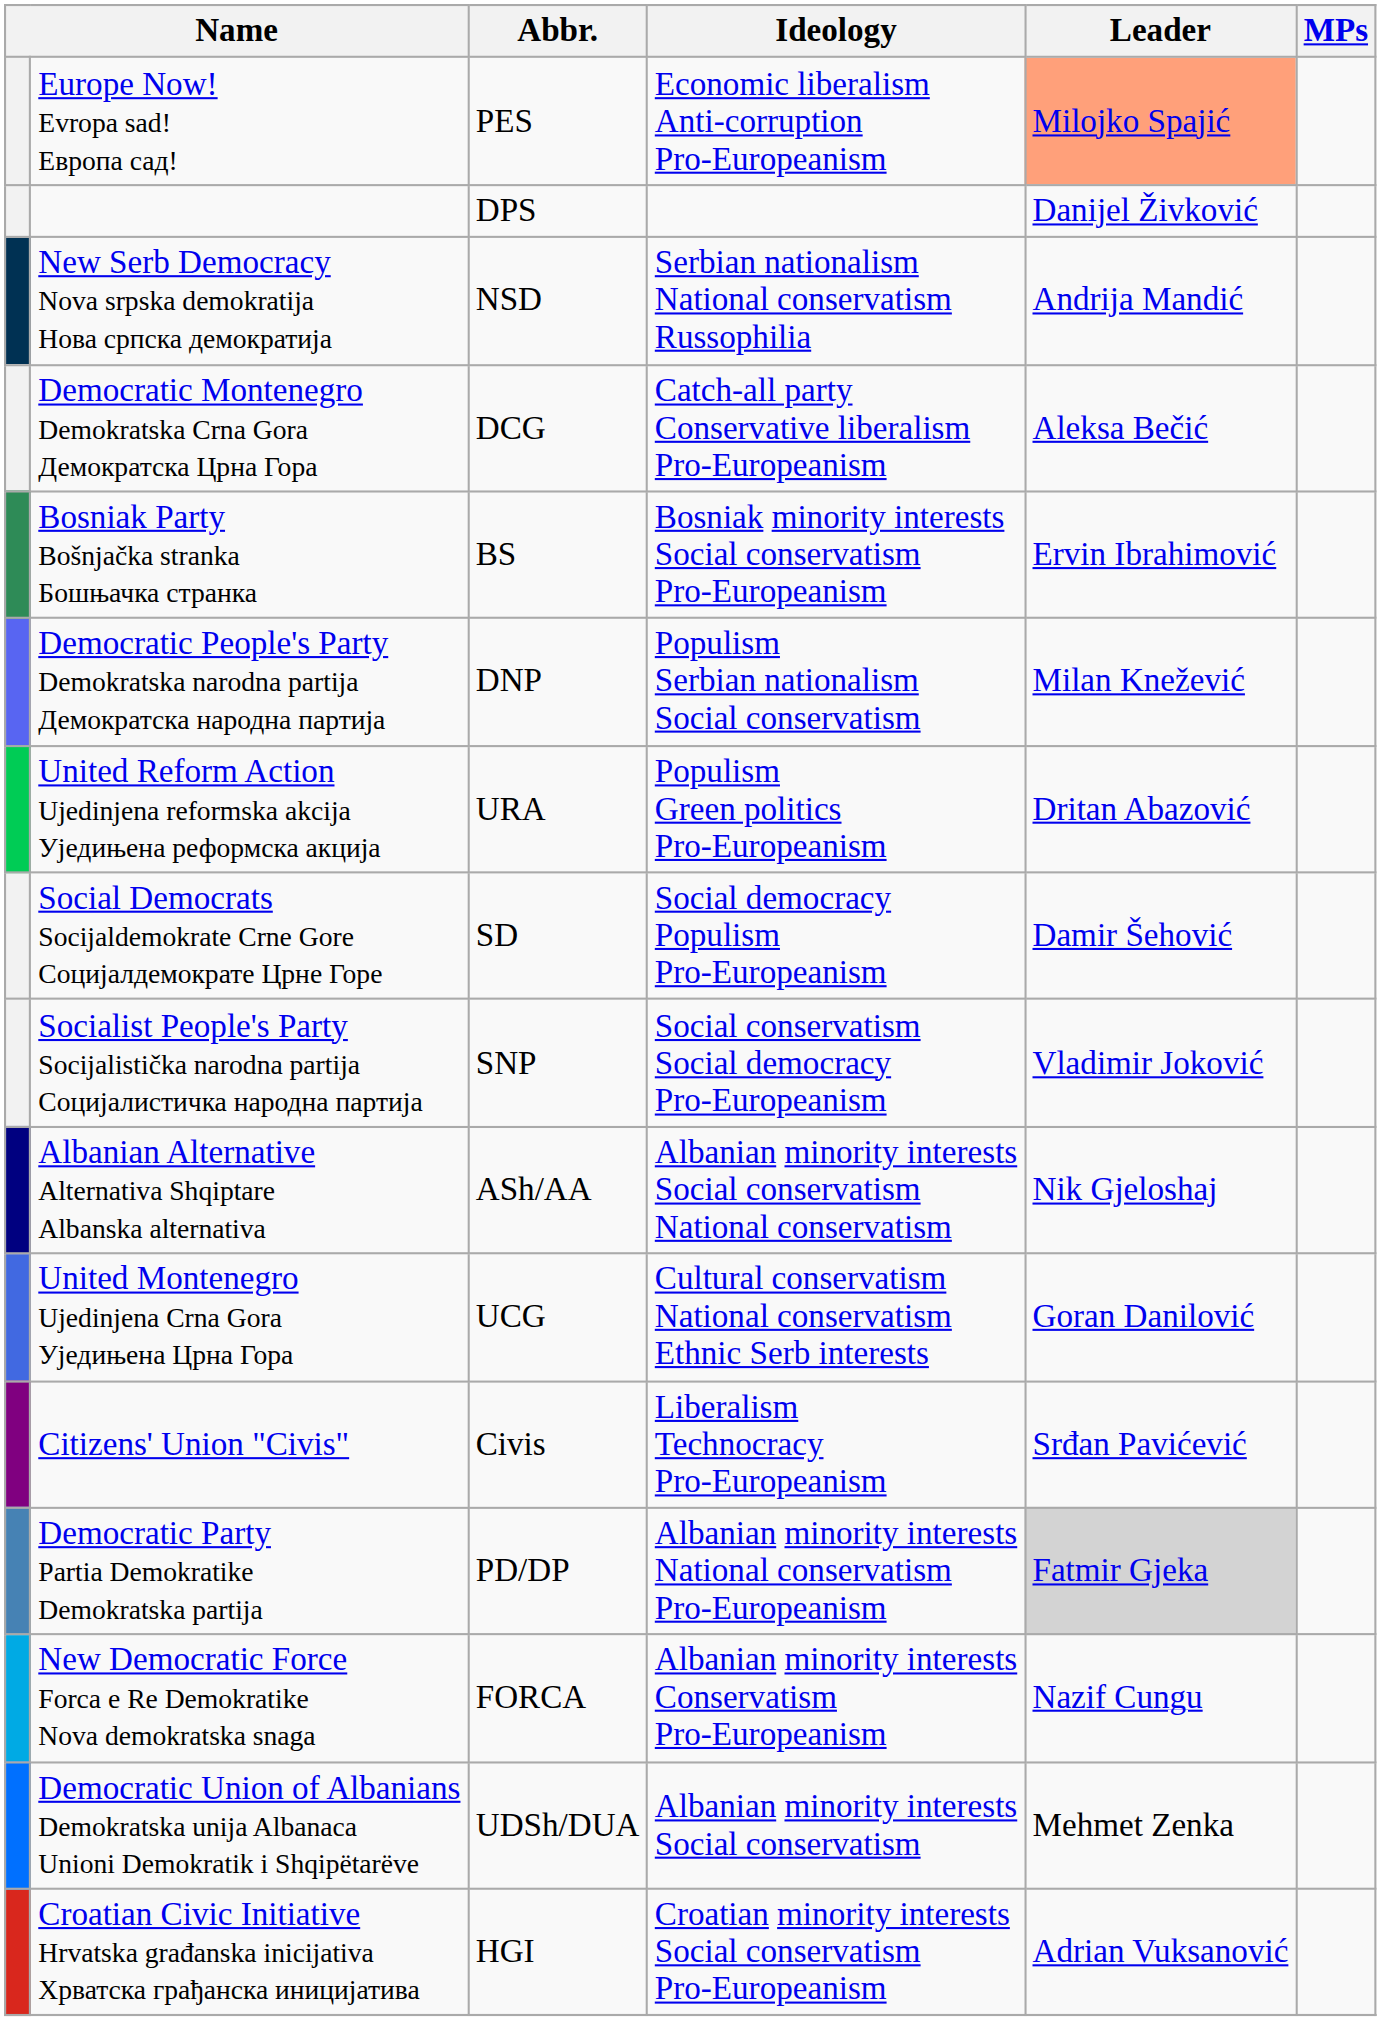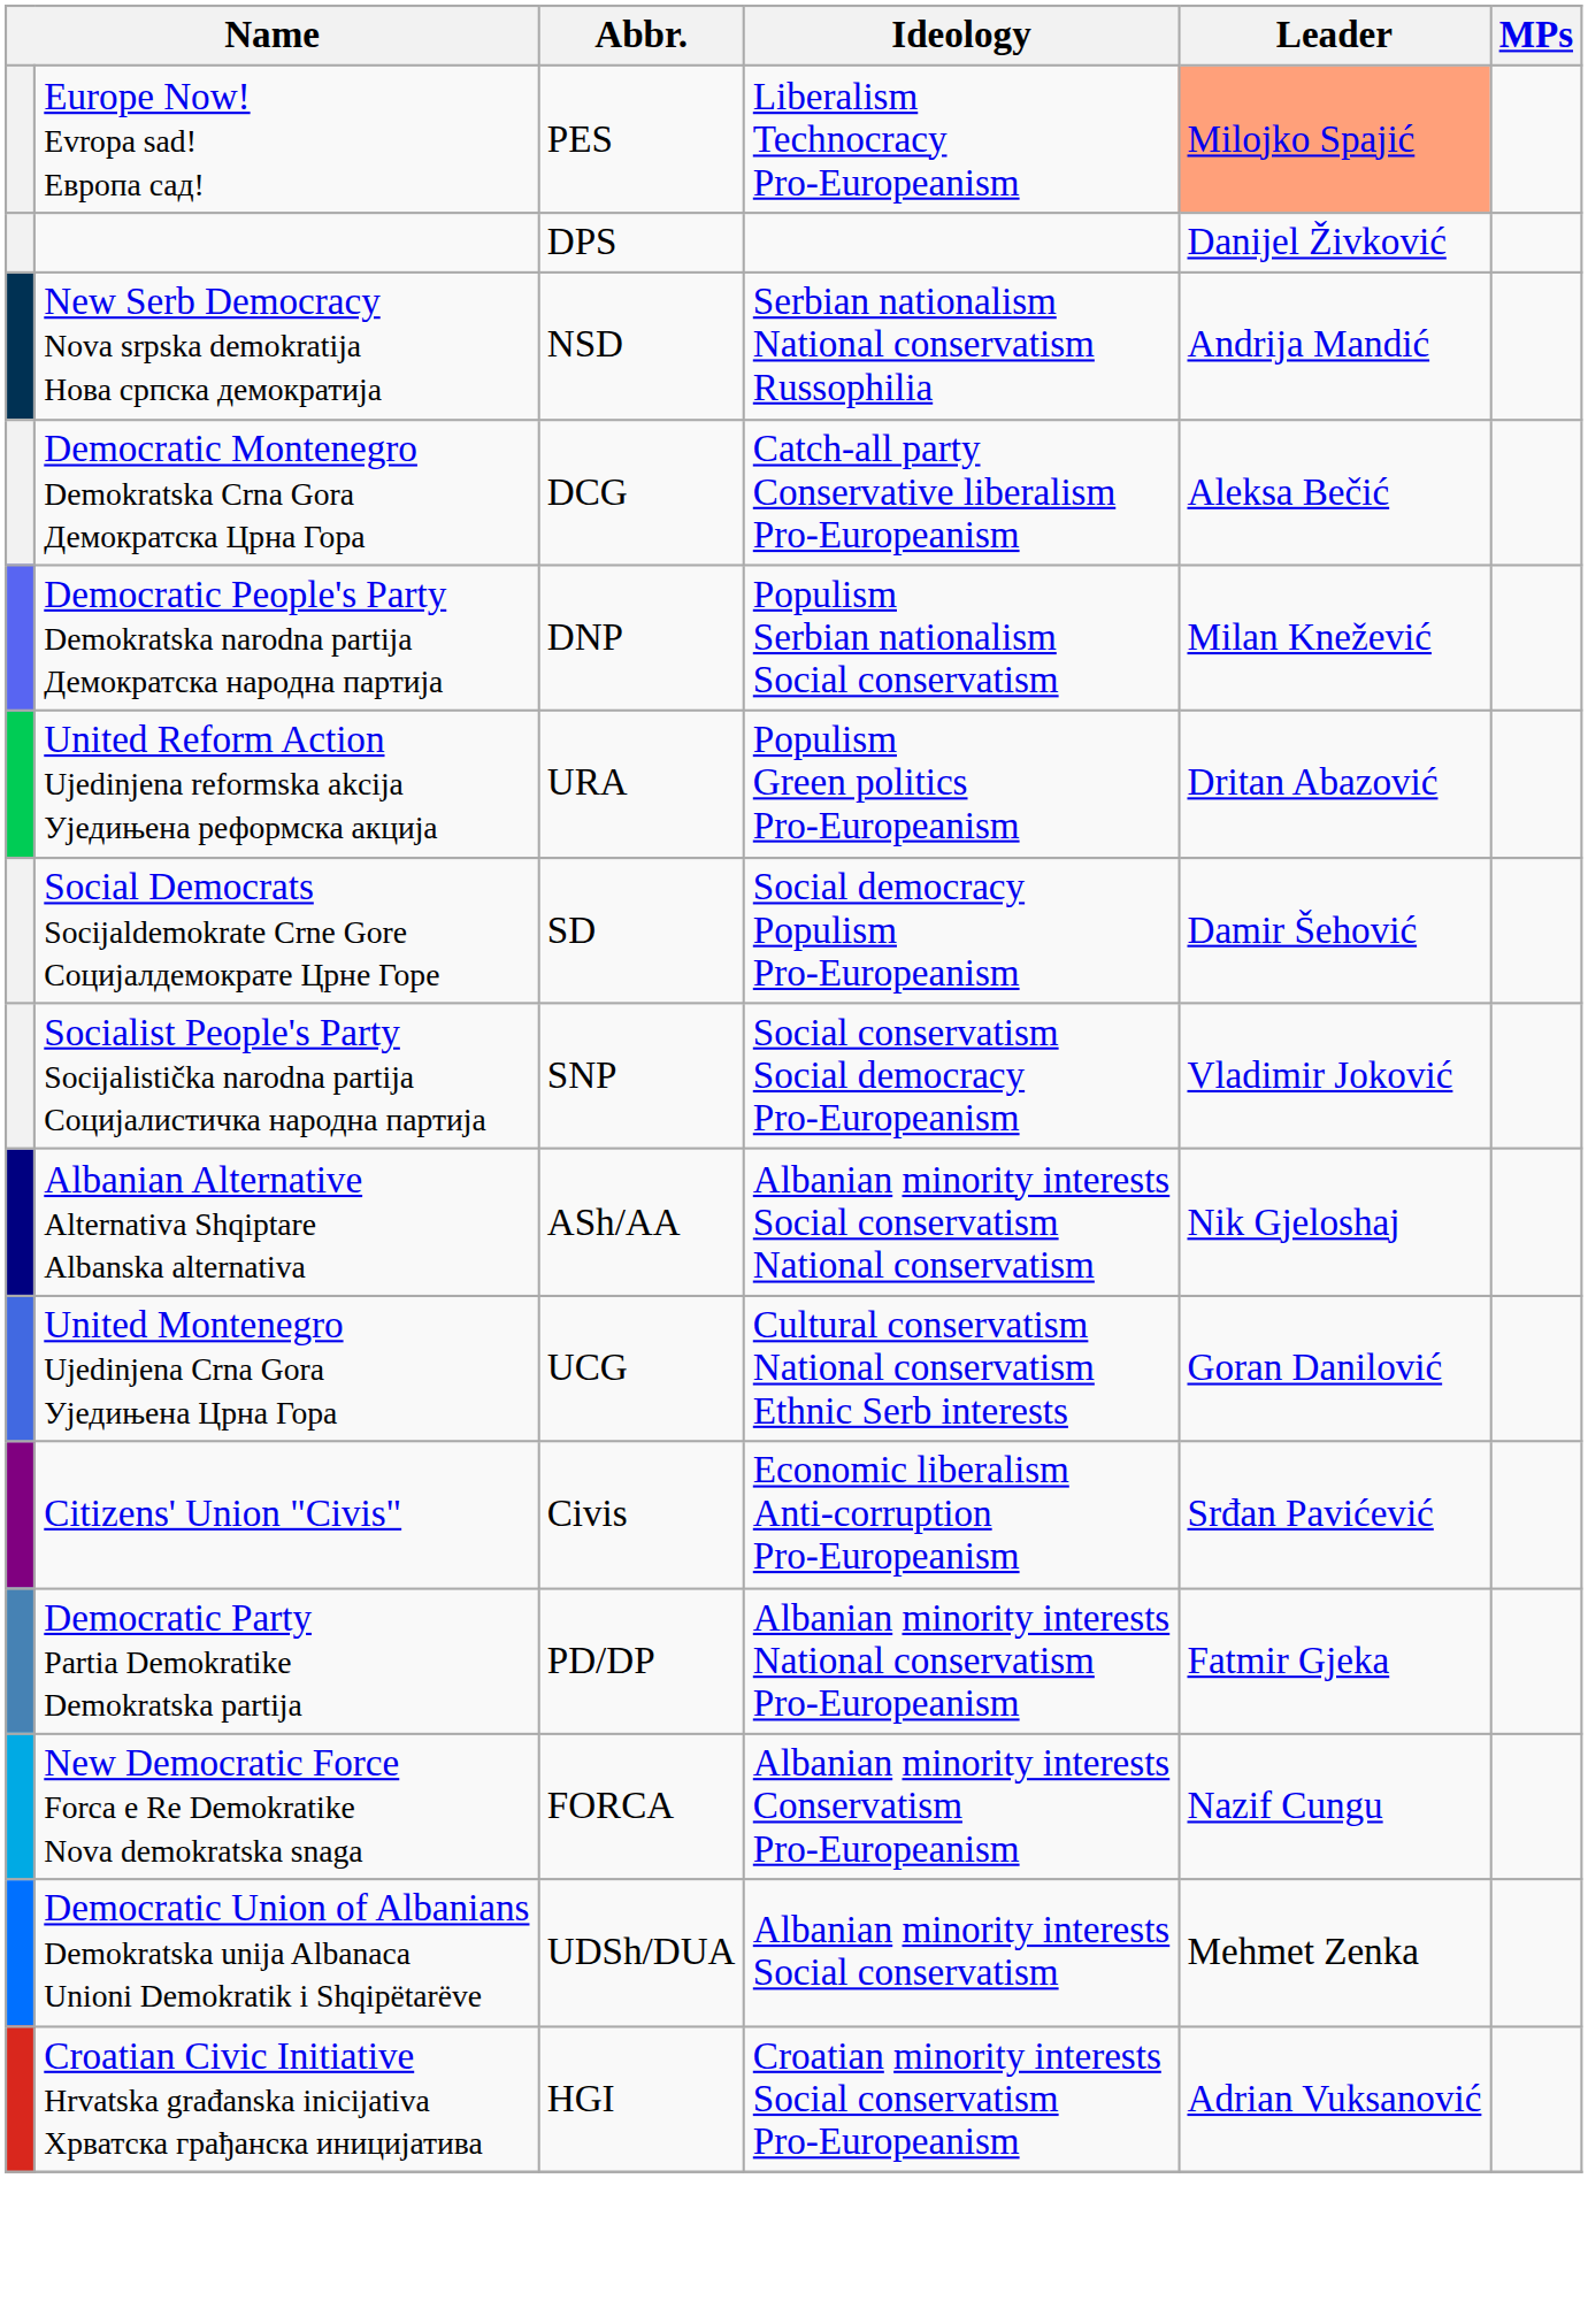 <table class="wikitable sortable unsortable">
 <tr>
 <th colspan=2>Name</th>
 <th>Abbr.</th>
 <th>Ideology</th>
 <th>Leader</th>
 <th><a href='#'>MPs</a></th>
 </tr>
 <tr>
 <th style="background:"></th>
 <td><a href='#'>Europe Now!</a><br><small>Evropa sad!<br>Европа сад!</small></td>
 <td>PES</td>
-<td><a href='#'>Economic liberalism</a><br><a href='#'>Anti-corruption</a><br><a href='#'>Pro-Europeanism</a></td>
+<td><a href='#'>Liberalism</a><br><a href='#'>Technocracy</a><br><a href='#'>Pro-Europeanism</a></td>
 <td style="background: lightsalmon;"><a href='#'>Milojko Spajić</a></td>
 <td></td>
 </tr>
 <tr>
 <th style="background-color: "></th>
 <td></td>
 <td>DPS</td>
 <td></td>
 <td><a href='#'>Danijel Živković</a></td>
 <td></td>
 </tr>
 <tr>
 <th style="background-color:#003153;"></th>
 <td><a href='#'>New Serb Democracy</a><br><small>Nova srpska demokratija<br>Нова српска демократија</small></td>
 <td>NSD</td>
 <td><a href='#'>Serbian nationalism</a><br><a href='#'>National conservatism</a><br><a href='#'>Russophilia</a></td>
 <td><a href='#'>Andrija Mandić</a></td>
 <td></td>
 </tr>
 <tr>
 <th style="background:"></th>
 <td><a href='#'>Democratic Montenegro</a><br><small>Demokratska Crna Gora<br>Демократска Црна Гора</small></td>
 <td>DCG</td>
 <td><a href='#'>Catch-all party</a><br><a href='#'>Conservative liberalism</a><br><a href='#'>Pro-Europeanism</a></td>
 <td><a href='#'>Aleksa Bečić</a></td>
-<td></td>
-</tr>
-<tr>
-<th style="background-color: #2E8B57;"></th>
-<td><a href='#'>Bosniak Party</a><br><small>Bošnjačka stranka<br>Бошњачка странка</small></td>
-<td>BS</td>
-<td><a href='#'>Bosniak</a> <a href='#'>minority interests</a><br><a href='#'>Social conservatism</a><br><a href='#'>Pro-Europeanism</a></td>
-<td><a href='#'>Ervin Ibrahimović</a></td>
 <td></td>
 </tr>
 <tr>
 <th style="background-color: #5865f2;"></th>
 <td><a href='#'>Democratic People's Party</a><br><small>Demokratska narodna partija<br>Демократска народна партија</small></td>
 <td>DNP</td>
 <td><a href='#'>Populism</a><br><a href='#'>Serbian nationalism</a><br><a href='#'>Social conservatism</a></td>
 <td><a href='#'>Milan Knežević</a></td>
 <td></td>
 </tr>
 <tr>
 <th style="background-color: #00cc55;"></th>
 <td><a href='#'>United Reform Action</a><br><small>Ujedinjena reformska akcija<br>Уједињена реформска акција</small></td>
 <td>URA</td>
 <td><a href='#'>Populism</a><br><a href='#'>Green politics</a><br><a href='#'>Pro-Europeanism</a></td>
 <td><a href='#'>Dritan Abazović</a></td>
 <td></td>
 </tr>
 <tr>
 <th style="background:"></th>
 <td><a href='#'>Social Democrats</a><br><small>Socijaldemokrate Crne Gore<br>Социјалдемократе Црне Горе</small></td>
 <td>SD</td>
 <td><a href='#'>Social democracy</a><br><a href='#'>Populism</a><br><a href='#'>Pro-Europeanism</a></td>
 <td><a href='#'>Damir Šehović</a></td>
 <td></td>
 </tr>
 <tr>
 <th style="background-color: "></th>
 <td><a href='#'>Socialist People's Party</a><br><small>Socijalistička narodna partija<br>Социјалистичка народна партија</small></td>
 <td>SNP</td>
 <td><a href='#'>Social conservatism</a><br><a href='#'>Social democracy</a><br><a href='#'>Pro-Europeanism</a></td>
 <td><a href='#'>Vladimir Joković</a></td>
 <td></td>
 </tr>
 <tr>
 <th style="background:navy;"></th>
 <td><a href='#'>Albanian Alternative</a><br><small>Alternativa Shqiptare<br>Albanska alternativa</small></td>
 <td>ASh/AA</td>
 <td><a href='#'>Albanian</a> <a href='#'>minority interests</a><br><a href='#'>Social conservatism</a><br><a href='#'>National conservatism</a></td>
 <td><a href='#'>Nik Gjeloshaj</a></td>
 <td></td>
 </tr>
 <tr>
 <th style="background-color:royalblue;"></th>
 <td><a href='#'>United Montenegro</a><br><small>Ujedinjena Crna Gora<br>Уједињена Црна Гора</small></td>
 <td>UCG</td>
 <td><a href='#'>Cultural conservatism</a><br><a href='#'>National conservatism</a><br><a href='#'>Ethnic Serb interests</a></td>
 <td><a href='#'>Goran Danilović</a></td>
 <td></td>
 </tr>
 <tr>
 <th style="background:#800080;"></th>
 <td><a href='#'>Citizens' Union "Civis"</a><br></td>
 <td>Civis</td>
-<td><a href='#'>Liberalism</a><br><a href='#'>Technocracy</a><br><a href='#'>Pro-Europeanism</a></td>
+<td><a href='#'>Economic liberalism</a><br><a href='#'>Anti-corruption</a><br><a href='#'>Pro-Europeanism</a></td>
 <td><a href='#'>Srđan Pavićević</a></td>
 <td></td>
 </tr>
 <tr>
 <th style="background-color:#4682B4;"></th>
 <td><a href='#'>Democratic Party</a><br><small>Partia Demokratike<br>Demokratska partija</small></td>
 <td>PD/DP</td>
 <td><a href='#'>Albanian</a> <a href='#'>minority interests</a><br><a href='#'>National conservatism</a><br><a href='#'>Pro-Europeanism</a></td>
-<td style="background: lightgrey;"><a href='#'>Fatmir Gjeka</a></td>
+<td><a href='#'>Fatmir Gjeka</a></td>
 <td></td>
 </tr>
 <tr>
 <th style="background:#00AAE4;"></th>
 <td><a href='#'>New Democratic Force</a><br><small>Forca e Re Demokratike<br>Nova demokratska snaga</small></td>
 <td>FORCA</td>
 <td><a href='#'>Albanian</a> <a href='#'>minority interests</a><br><a href='#'>Conservatism</a><br><a href='#'>Pro-Europeanism</a></td>
 <td><a href='#'>Nazif Cungu</a></td>
 <td></td>
 </tr>
 <tr>
 <th style="width:5px; background:#0070ff;"></th>
 <td><a href='#'>Democratic Union of Albanians</a><br><small>Demokratska unija Albanaca<br>Unioni Demokratik i Shqipëtarëve</small></td>
 <td>UDSh/DUA</td>
 <td><a href='#'>Albanian</a> <a href='#'>minority interests</a><br><a href='#'>Social conservatism</a></td>
 <td>Mehmet Zenka</td>
 <td></td>
 </tr>
 <tr>
 <th style="background:#D9271D;"></th>
 <td><a href='#'>Croatian Civic Initiative</a><br><small>Hrvatska građanska inicijativa<br>Хрватска грађанска иницијатива</small></td>
 <td>HGI</td>
 <td><a href='#'>Croatian</a> <a href='#'>minority interests</a><br><a href='#'>Social conservatism</a><br><a href='#'>Pro-Europeanism</a></td>
 <td><a href='#'>Adrian Vuksanović</a></td>
 <td></td>
 </tr>
 <tr>
 </tr>
 </table>
